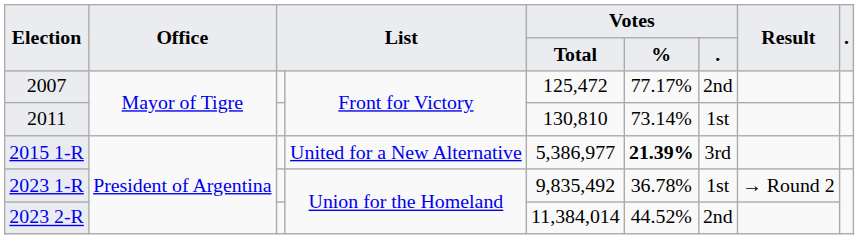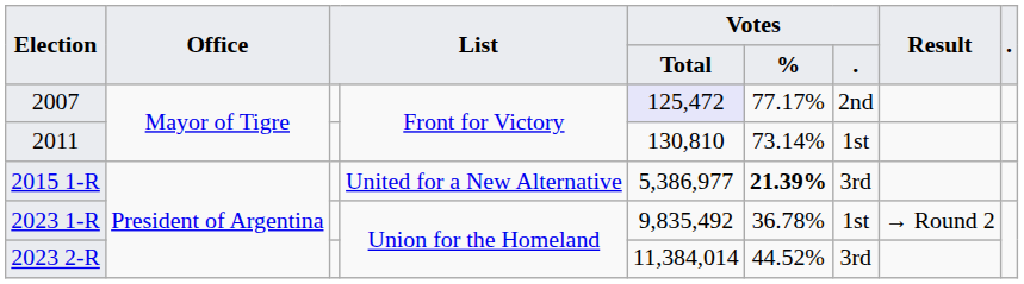 <table class="wikitable" style="font-size:90%; text-align:center;">
 <tr>
 <th style="background-color:#EAECF0;" rowspan=2>Election</th>
 <th style="background-color:#EAECF0;" rowspan=2>Office</th>
 <th style="background-color:#EAECF0;" colspan=2 rowspan=2>List</th>
 <th style="background-color:#EAECF0;" colspan=3>Votes</th>
 <th style="background-color:#EAECF0;" rowspan=2>Result</th>
 <th style="background-color:#EAECF0;" rowspan=2>.</th>
 </tr>
 <tr>
 <th style="background-color:#EAECF0;">Total</th>
 <th style="background-color:#EAECF0;">%</th>
 <th style="background-color:#EAECF0;">.</th>
 </tr>
 <tr>
 <td style="background-color:#EAECF0;">2007</td>
 <td rowspan="2"><a href='#'>Mayor of Tigre</a></td>
 <td style="background-color:"></td>
 <td rowspan="2"><a href='#'>Front for Victory</a></td>
-<td>125,472</td>
+<td style="background: lavender;">125,472</td>
 <td>77.17%</td>
 <td>2nd</td>
 <td></td>
 <td></td>
 </tr>
 <tr>
 <td style="background-color:#EAECF0;">2011</td>
 <td style="background-color:"></td>
 <td>130,810</td>
 <td>73.14%</td>
 <td>1st</td>
 <td></td>
 <td></td>
 </tr>
 <tr>
 <td style="background-color:#EAECF0;"><a href='#'>2015 1-R</a></td>
 <td rowspan="3"><a href='#'>President of Argentina</a></td>
 <td style="background-color:"></td>
 <td><a href='#'>United for a New Alternative</a></td>
 <td>5,386,977</td>
 <td><strong>21.39%</strong></td>
 <td>3rd</td>
 <td></td>
 <td></td>
 </tr>
 <tr>
 <td style="background-color:#EAECF0;"><a href='#'>2023 1-R</a></td>
 <td style="background-color:"></td>
 <td rowspan="2"><a href='#'>Union for the Homeland</a></td>
 <td>9,835,492</td>
 <td>36.78%</td>
 <td>1st</td>
 <td>→ Round 2</td>
 <td rowspan="2"></td>
 </tr>
 <tr>
 <td style="background-color:#EAECF0;"><a href='#'>2023 2-R</a></td>
 <td style="background-color:"></td>
 <td>11,384,014</td>
 <td>44.52%</td>
-<td>2nd</td>
+<td>3rd</td>
 <td></td>
 </tr>
 </table>
